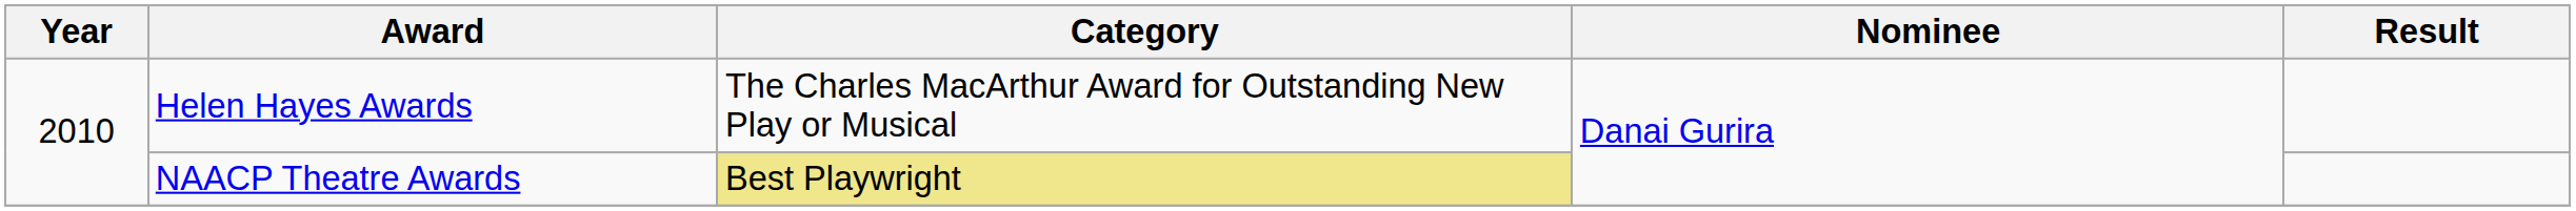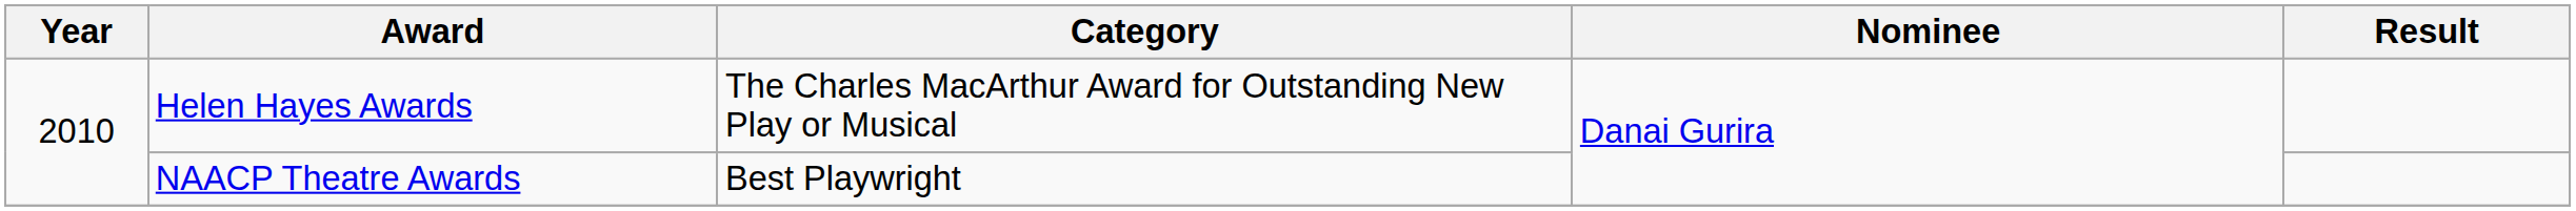 <table class="wikitable" width="95%">
 <tr>
 <th width="5%">Year</th>
 <th width="20%">Award</th>
 <th width="30%">Category</th>
 <th width="25%">Nominee</th>
 <th width="10%">Result</th>
 </tr>
 <tr>
 <td rowspan="2" align="center">2010</td>
 <td><a href='#'>Helen Hayes Awards</a></td>
 <td>The Charles MacArthur Award for Outstanding New Play or Musical</td>
 <td rowspan="2"><a href='#'>Danai Gurira</a></td>
 <td></td>
 </tr>
 <tr>
 <td><a href='#'>NAACP Theatre Awards</a></td>
-<td style="background: khaki;">Best Playwright</td>
+<td>Best Playwright</td>
 <td></td>
 </tr>
 <tr>
 </tr>
 </table>
